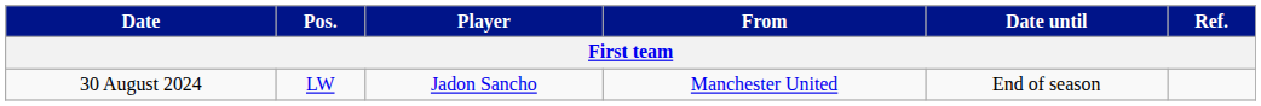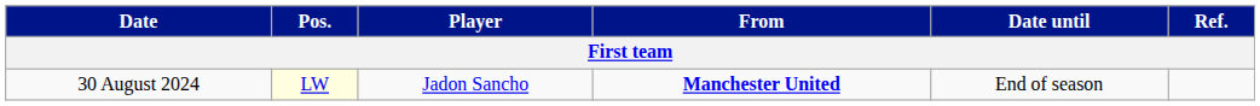 <table class="wikitable" style="text-align:center; font-size:85%; width:100%;">
 <tr>
 <th style="background:#001489; color:#FFFFFF;">Date</th>
 <th style="background:#001489; color:#FFFFFF;">Pos.</th>
 <th style="background:#001489; color:#FFFFFF;">Player</th>
 <th style="background:#001489; color:#FFFFFF;">From</th>
 <th style="background:#001489; color:#FFFFFF;">Date until</th>
 <th style="background:#001489; color:#FFFFFF;">Ref.</th>
 </tr>
 <tr>
 <th colspan=6><a href='#'>First team</a></th>
 </tr>
 <tr>
 <td>30 August 2024</td>
-<td><a href='#'>LW</a></td>
+<td style="background: lightyellow;"><a href='#'>LW</a></td>
 <td> <a href='#'>Jadon Sancho</a></td>
-<td> <a href='#'>Manchester United</a></td>
+<td><strong> <a href='#'>Manchester United</a></strong></td>
 <td>End of season</td>
 <td></td>
 </tr>
 </table>
